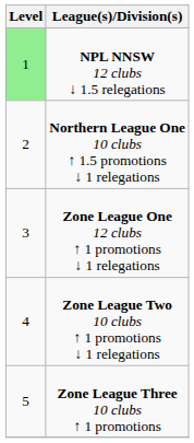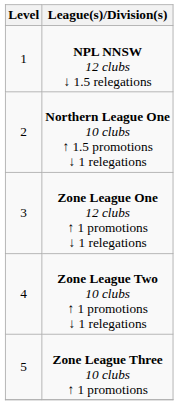 <table class="wikitable" style="text-align: center; float:right">
 <tr>
 <th>Level</th>
 <th>League(s)/Division(s)</th>
 </tr>
 <tr>
-<td style="background: lightgreen;">1</td>
+<td>1</td>
 <td><br><strong>NPL NNSW</strong><br> <em>12 clubs</em> <br> ↓ 1.5 relegations</td>
 </tr>
 <tr>
 <td>2</td>
 <td><br><strong>Northern League One</strong><br> <em> 10 clubs</em> <br> ↑ 1.5 promotions <br>↓ 1 relegations</td>
 </tr>
 <tr>
 <td>3</td>
 <td><br><strong>Zone League One</strong><br> <em>12 clubs</em> <br> ↑ 1 promotions <br>↓ 1 relegations</td>
 </tr>
 <tr>
 <td>4</td>
 <td><br><strong>Zone League Two</strong><br> <em>10 clubs</em> <br> ↑ 1 promotions <br>↓ 1 relegations</td>
 </tr>
 <tr>
 <td>5</td>
 <td><br><strong>Zone League Three</strong><br> <em>10 clubs</em> <br> ↑ 1 promotions <br></td>
 </tr>
 <tr>
 </tr>
 </table>
